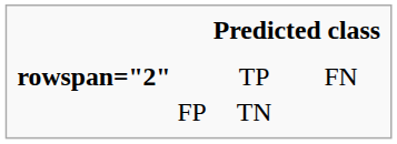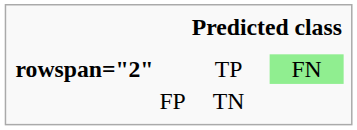 <table class="infobox">
 <tr>
 <th colspan="2" rowspan="2"> </th>
 <th colspan="2">Predicted class</th>
 </tr>
 <tr>
 </tr>
 <tr>
 <th></th>
 <th></th>
 </tr>
 <tr>
 <th>rowspan="2" </th>
 <th></th>
 <td style="text-align:center;">TP</td>
-<td style="text-align:center;">FN</td>
+<td style="background: lightgreen; text-align:center;">FN</td>
 </tr>
 <tr>
 <th></th>
 <td style="text-align:center;">FP</td>
 <td style="text-align:center;">TN</td>
 </tr>
 </table>
